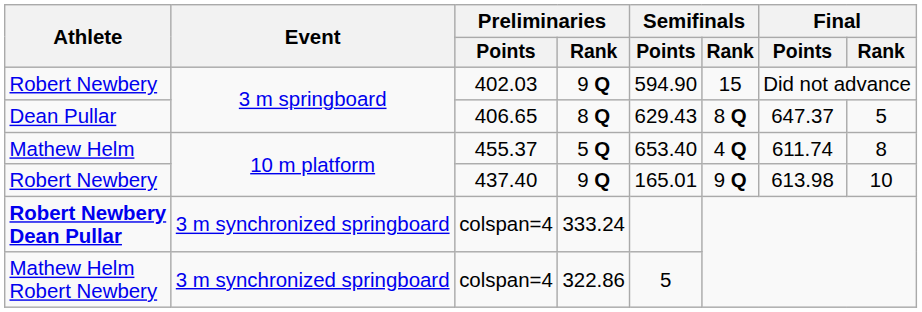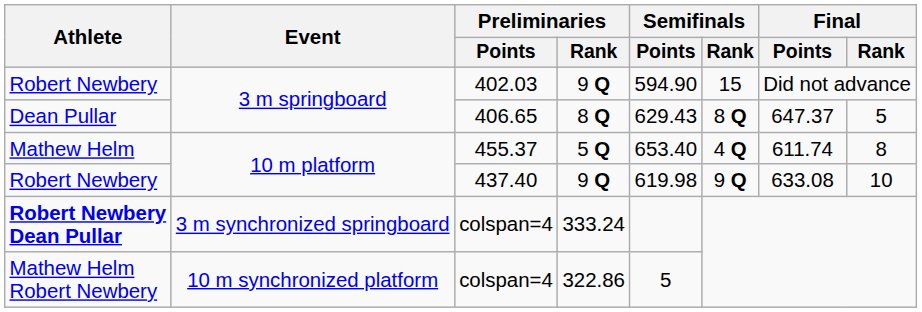 <table class=wikitable style="font-size:90%">
 <tr>
 <th rowspan=2>Athlete</th>
 <th rowspan=2>Event</th>
 <th colspan="2">Preliminaries</th>
 <th colspan="2">Semifinals</th>
 <th colspan="2">Final</th>
 </tr>
 <tr style="font-size:95%">
 <th>Points</th>
 <th>Rank</th>
 <th>Points</th>
 <th>Rank</th>
 <th>Points</th>
 <th>Rank</th>
 </tr>
 <tr align=center>
 <td align=left><a href='#'>Robert Newbery</a></td>
 <td rowspan=2><a href='#'>3 m springboard</a></td>
 <td>402.03</td>
 <td>9 <strong>Q</strong></td>
 <td>594.90</td>
 <td>15</td>
 <td colspan=2>Did not advance</td>
 </tr>
 <tr align=center>
 <td align=left><a href='#'>Dean Pullar</a></td>
 <td>406.65</td>
 <td>8 <strong>Q</strong></td>
 <td>629.43</td>
 <td>8 <strong>Q</strong></td>
 <td>647.37</td>
 <td>5</td>
 </tr>
 <tr align=center>
 <td align=left><a href='#'>Mathew Helm</a></td>
 <td rowspan=2><a href='#'>10 m platform</a></td>
 <td>455.37</td>
 <td>5 <strong>Q</strong></td>
 <td>653.40</td>
 <td>4 <strong>Q</strong></td>
 <td>611.74</td>
 <td>8</td>
 </tr>
 <tr align=center>
 <td align=left><a href='#'>Robert Newbery</a></td>
 <td>437.40</td>
 <td>9 <strong>Q</strong></td>
-<td>165.01</td>
+<td>619.98</td>
 <td>9 <strong>Q</strong></td>
-<td>613.98</td>
+<td>633.08</td>
 <td>10</td>
 </tr>
 <tr ALIGN=CENTER>
 <td align=left><strong><a href='#'>Robert Newbery</a><br><a href='#'>Dean Pullar</a></strong></td>
 <td><a href='#'>3 m synchronized springboard</a></td>
 <td>colspan=4 </td>
 <td>333.24</td>
 <td></td>
 </tr>
 <tr align=center>
 <td align=left><a href='#'>Mathew Helm</a><br><a href='#'>Robert Newbery</a></td>
-<td><a href='#'>3 m synchronized springboard</a></td>
+<td><a href='#'>10 m synchronized platform</a></td>
 <td>colspan=4 </td>
 <td>322.86</td>
 <td>5</td>
 </tr>
 </table>
